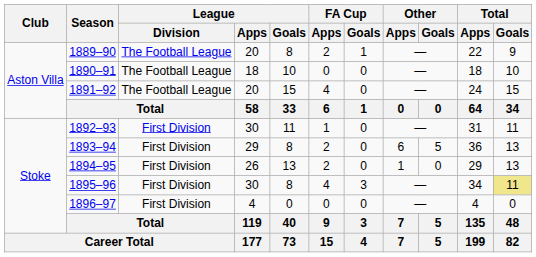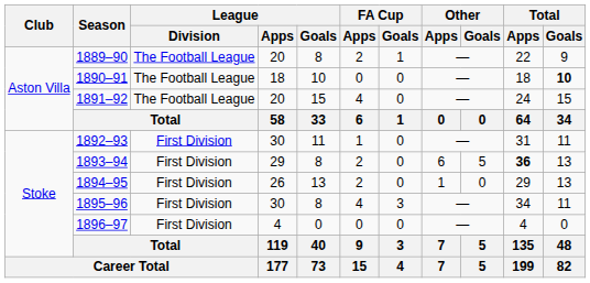 <table class="wikitable" style="text-align: center;">
 <tr>
 <th rowspan="2">Club</th>
 <th rowspan="2">Season</th>
 <th colspan="3">League</th>
 <th colspan="2">FA Cup</th>
 <th colspan="2">Other</th>
 <th colspan="2">Total</th>
 </tr>
 <tr>
 <th>Division</th>
 <th>Apps</th>
 <th>Goals</th>
 <th>Apps</th>
 <th>Goals</th>
 <th>Apps</th>
 <th>Goals</th>
 <th>Apps</th>
 <th>Goals</th>
 </tr>
 <tr>
 <td rowspan="4"><a href='#'>Aston Villa</a></td>
 <td><a href='#'>1889–90</a></td>
 <td><a href='#'>The Football League</a></td>
 <td>20</td>
 <td>8</td>
 <td>2</td>
 <td>1</td>
 <td colspan="2">—</td>
 <td>22</td>
 <td>9</td>
 </tr>
 <tr>
 <td><a href='#'>1890–91</a></td>
 <td>The Football League</td>
 <td>18</td>
 <td>10</td>
 <td>0</td>
 <td>0</td>
 <td colspan="2">—</td>
 <td>18</td>
-<td>10</td>
+<td><strong>10</strong></td>
 </tr>
 <tr>
 <td><a href='#'>1891–92</a></td>
 <td>The Football League</td>
 <td>20</td>
 <td>15</td>
 <td>4</td>
 <td>0</td>
 <td colspan="2">—</td>
 <td>24</td>
 <td>15</td>
 </tr>
 <tr>
 <th colspan=2>Total</th>
 <th>58</th>
 <th>33</th>
 <th>6</th>
 <th>1</th>
 <th>0</th>
 <th>0</th>
 <th>64</th>
 <th>34</th>
 </tr>
 <tr>
 <td rowspan="6"><a href='#'>Stoke</a></td>
 <td><a href='#'>1892–93</a></td>
 <td><a href='#'>First Division</a></td>
 <td>30</td>
 <td>11</td>
 <td>1</td>
 <td>0</td>
 <td colspan="2">—</td>
 <td>31</td>
 <td>11</td>
 </tr>
 <tr>
 <td><a href='#'>1893–94</a></td>
 <td>First Division</td>
 <td>29</td>
 <td>8</td>
 <td>2</td>
 <td>0</td>
 <td>6</td>
 <td>5</td>
-<td>36</td>
+<td><strong>36</strong></td>
 <td>13</td>
 </tr>
 <tr>
 <td><a href='#'>1894–95</a></td>
 <td>First Division</td>
 <td>26</td>
 <td>13</td>
 <td>2</td>
 <td>0</td>
 <td>1</td>
 <td>0</td>
 <td>29</td>
 <td>13</td>
 </tr>
 <tr>
 <td><a href='#'>1895–96</a></td>
 <td>First Division</td>
 <td>30</td>
 <td>8</td>
 <td>4</td>
 <td>3</td>
 <td colspan="2">—</td>
 <td>34</td>
-<td style="background: khaki;">11</td>
+<td>11</td>
 </tr>
 <tr>
 <td><a href='#'>1896–97</a></td>
 <td>First Division</td>
 <td>4</td>
 <td>0</td>
 <td>0</td>
 <td>0</td>
 <td colspan="2">—</td>
 <td>4</td>
 <td>0</td>
 </tr>
 <tr>
 <th colspan=2>Total</th>
 <th>119</th>
 <th>40</th>
 <th>9</th>
 <th>3</th>
 <th>7</th>
 <th>5</th>
 <th>135</th>
 <th>48</th>
 </tr>
 <tr>
 <th colspan="3">Career Total</th>
 <th>177</th>
 <th>73</th>
 <th>15</th>
 <th>4</th>
 <th>7</th>
 <th>5</th>
 <th>199</th>
 <th>82</th>
 </tr>
 </table>
